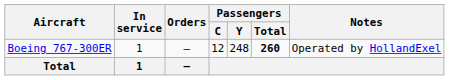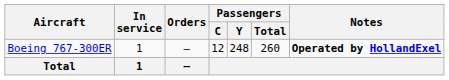 <table class="wikitable" style="margin:0.5em auto; text-align:center">
 <tr>
 <th rowspan=2>Aircraft</th>
 <th rowspan=2>In <br> service</th>
 <th rowspan=2>Orders</th>
 <th colspan=3>Passengers</th>
 <th rowspan=2>Notes</th>
 </tr>
 <tr>
 <th><abbr>C</abbr></th>
 <th><abbr>Y</abbr></th>
 <th>Total</th>
 </tr>
 <tr>
 <td><a href='#'>Boeing 767-300ER</a></td>
 <td>1</td>
 <td>—</td>
 <td>12</td>
 <td>248</td>
-<td><strong>260</strong></td>
-<td>Operated by <a href='#'>HollandExel</a></td>
+<td>260</td>
+<td><strong>Operated by <a href='#'>HollandExel</a></strong></td>
 </tr>
 <tr>
 <th>Total</th>
 <th>1</th>
 <th>—</th>
 <th colspan=5></th>
 </tr>
 </table>
